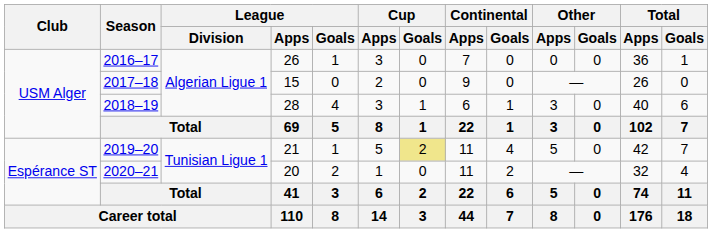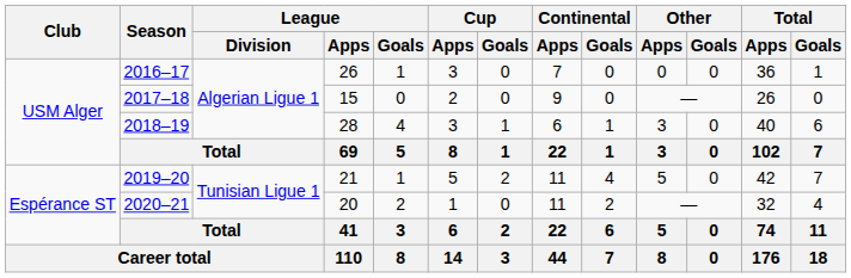 <table class="wikitable" style="text-align: center">
 <tr>
 <th rowspan="2">Club</th>
 <th rowspan="2">Season</th>
 <th colspan="3">League</th>
 <th colspan="2">Cup</th>
 <th colspan="2">Continental</th>
 <th colspan="2">Other</th>
 <th colspan="2">Total</th>
 </tr>
 <tr>
 <th>Division</th>
 <th>Apps</th>
 <th>Goals</th>
 <th>Apps</th>
 <th>Goals</th>
 <th>Apps</th>
 <th>Goals</th>
 <th>Apps</th>
 <th>Goals</th>
 <th>Apps</th>
 <th>Goals</th>
 </tr>
 <tr>
 <td rowspan="4" valign="center"><a href='#'>USM Alger</a></td>
 <td><a href='#'>2016–17</a></td>
 <td rowspan=3><a href='#'>Algerian Ligue 1</a></td>
 <td>26</td>
 <td>1</td>
 <td>3</td>
 <td>0</td>
 <td>7</td>
 <td>0</td>
 <td>0</td>
 <td>0</td>
 <td>36</td>
 <td>1</td>
 </tr>
 <tr>
 <td><a href='#'>2017–18</a></td>
 <td>15</td>
 <td>0</td>
 <td>2</td>
 <td>0</td>
 <td>9</td>
 <td>0</td>
 <td colspan=2>—</td>
 <td>26</td>
 <td>0</td>
 </tr>
 <tr>
 <td><a href='#'>2018–19</a></td>
 <td>28</td>
 <td>4</td>
 <td>3</td>
 <td>1</td>
 <td>6</td>
 <td>1</td>
 <td>3</td>
 <td>0</td>
 <td>40</td>
 <td>6</td>
 </tr>
 <tr>
 <th colspan="2">Total</th>
 <th>69</th>
 <th>5</th>
 <th>8</th>
 <th>1</th>
 <th>22</th>
 <th>1</th>
 <th>3</th>
 <th>0</th>
 <th>102</th>
 <th>7</th>
 </tr>
 <tr>
 <td rowspan="3" valign="center"><a href='#'>Espérance ST</a></td>
 <td><a href='#'>2019–20</a></td>
 <td rowspan=2><a href='#'>Tunisian Ligue 1</a></td>
 <td>21</td>
 <td>1</td>
 <td>5</td>
-<td style="background: khaki;">2</td>
+<td>2</td>
 <td>11</td>
 <td>4</td>
 <td>5</td>
 <td>0</td>
 <td>42</td>
 <td>7</td>
 </tr>
 <tr>
 <td><a href='#'>2020–21</a></td>
 <td>20</td>
 <td>2</td>
 <td>1</td>
 <td>0</td>
 <td>11</td>
 <td>2</td>
 <td colspan=2>—</td>
 <td>32</td>
 <td>4</td>
 </tr>
 <tr>
 <th colspan="2">Total</th>
 <th>41</th>
 <th>3</th>
 <th>6</th>
 <th>2</th>
 <th>22</th>
 <th>6</th>
 <th>5</th>
 <th>0</th>
 <th>74</th>
 <th>11</th>
 </tr>
 <tr>
 <th colspan="3">Career total</th>
 <th>110</th>
 <th>8</th>
 <th>14</th>
 <th>3</th>
 <th>44</th>
 <th>7</th>
 <th>8</th>
 <th>0</th>
 <th>176</th>
 <th>18</th>
 </tr>
 </table>
